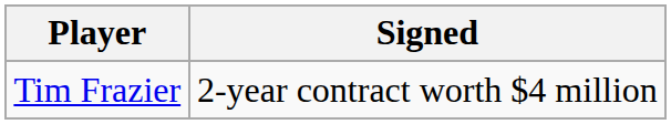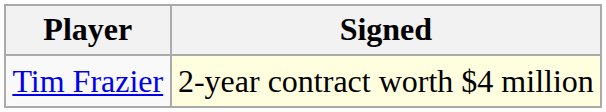 <table class="wikitable sortable sortable">
 <tr>
 <th>Player</th>
 <th>Signed</th>
 </tr>
 <tr style="text-align: center">
 <td><a href='#'>Tim Frazier</a></td>
-<td>2-year contract worth $4 million</td>
+<td style="background: lightyellow;">2-year contract worth $4 million</td>
 </tr>
 </table>
